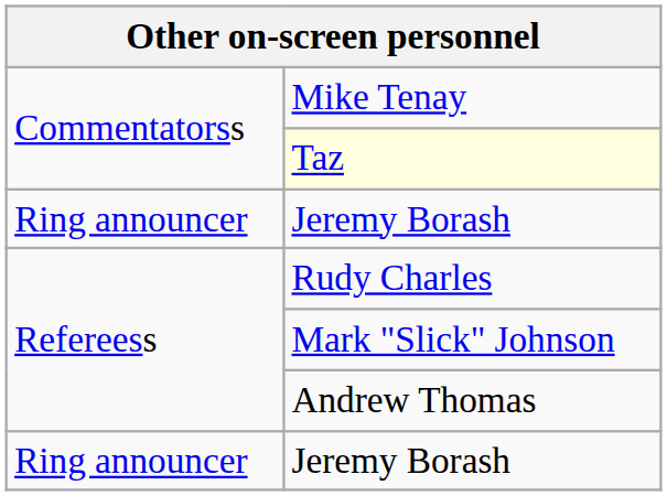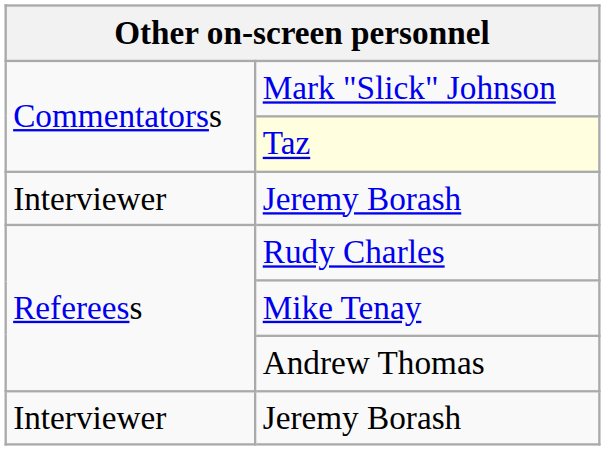 <table align="right" class="wikitable" style="border:1px; font-size:90%; margin-left:1em;">
 <tr>
 <th colspan="2" width="250"><strong>Other on-screen personnel</strong></th>
 </tr>
 <tr>
 <td rowspan=2><a href='#'>Commentators</a>s</td>
-<td><a href='#'>Mike Tenay</a></td>
+<td><a href='#'>Mark "Slick" Johnson</a></td>
 </tr>
 <tr>
 <td style="background: lightyellow;"><a href='#'>Taz</a></td>
 </tr>
 <tr>
-<td><a href='#'>Ring announcer</a></td>
+<td rowspan=1>Interviewer</td>
 <td><a href='#'>Jeremy Borash</a></td>
 </tr>
 <tr>
 <td rowspan=3><a href='#'>Referees</a>s</td>
 <td><a href='#'>Rudy Charles</a></td>
 </tr>
 <tr>
-<td><a href='#'>Mark "Slick" Johnson</a></td>
+<td><a href='#'>Mike Tenay</a></td>
 </tr>
 <tr>
 <td>Andrew Thomas</td>
 </tr>
 <tr>
-<td><a href='#'>Ring announcer</a></td>
+<td rowspan=1>Interviewer</td>
 <td>Jeremy Borash</td>
 </tr>
 <tr>
 </tr>
 </table>
